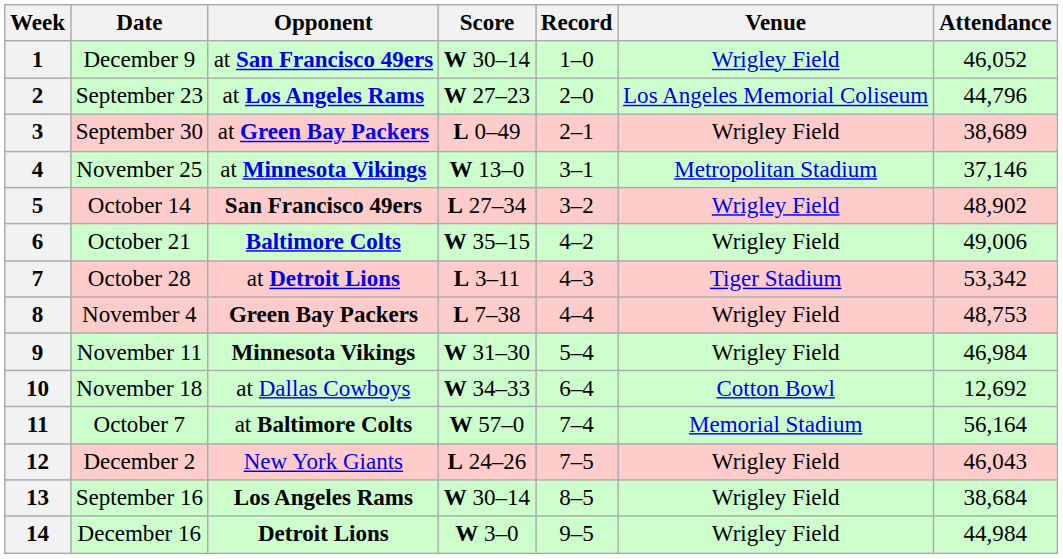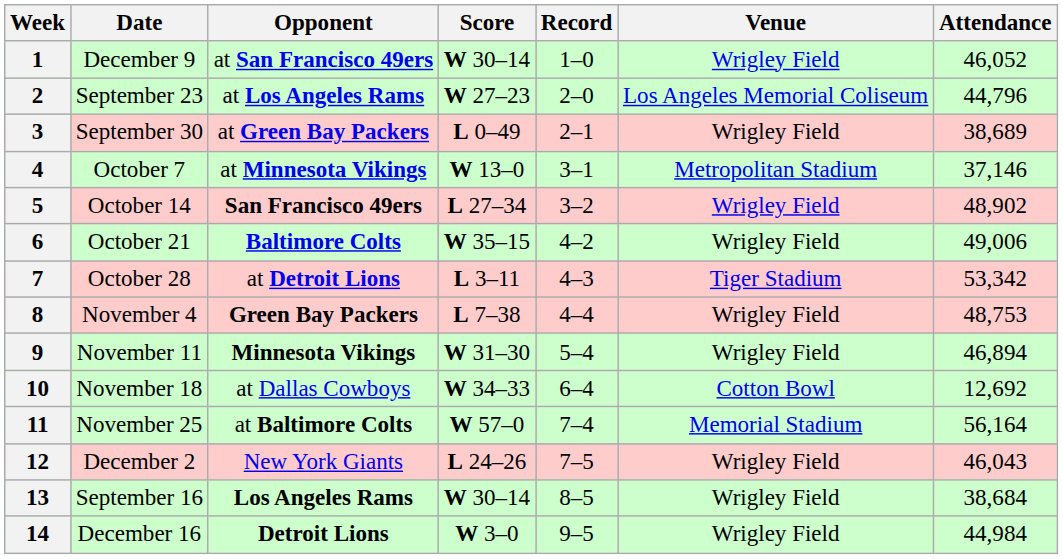 <table class="wikitable" style="text-align:center">
 <tr>
 <th>Week</th>
 <th>Date</th>
 <th>Opponent</th>
 <th>Score</th>
 <th>Record</th>
 <th>Venue</th>
 <th>Attendance</th>
 </tr>
 <tr style="background:#cfc">
 <th>1</th>
 <td>December 9</td>
 <td>at <strong><a href='#'>San Francisco 49ers</a></strong></td>
 <td><strong>W</strong> 30–14</td>
 <td>1–0</td>
 <td><a href='#'>Wrigley Field</a></td>
 <td>46,052</td>
 </tr>
 <tr style="background:#cfc">
 <th>2</th>
 <td>September 23</td>
 <td>at <strong><a href='#'>Los Angeles Rams</a></strong></td>
 <td><strong>W</strong> 27–23</td>
 <td>2–0</td>
 <td><a href='#'>Los Angeles Memorial Coliseum</a></td>
 <td>44,796</td>
 </tr>
 <tr style="background:#fcc">
 <th>3</th>
 <td>September 30</td>
 <td>at <strong><a href='#'>Green Bay Packers</a></strong></td>
 <td><strong>L</strong> 0–49</td>
 <td>2–1</td>
 <td>Wrigley Field</td>
 <td>38,689</td>
 </tr>
 <tr style="background:#cfc">
 <th>4</th>
-<td>November 25</td>
+<td>October 7</td>
 <td>at <strong><a href='#'>Minnesota Vikings</a></strong></td>
 <td><strong>W</strong> 13–0</td>
 <td>3–1</td>
 <td><a href='#'>Metropolitan Stadium</a></td>
 <td>37,146</td>
 </tr>
 <tr style="background:#fcc">
 <th>5</th>
 <td>October 14</td>
 <td><strong>San Francisco 49ers</strong></td>
 <td><strong>L</strong> 27–34</td>
 <td>3–2</td>
 <td><a href='#'>Wrigley Field</a></td>
 <td>48,902</td>
 </tr>
 <tr style="background:#cfc">
 <th>6</th>
 <td>October 21</td>
 <td><strong><a href='#'>Baltimore Colts</a></strong></td>
 <td><strong>W</strong> 35–15</td>
 <td>4–2</td>
 <td>Wrigley Field</td>
 <td>49,006</td>
 </tr>
 <tr style="background:#fcc">
 <th>7</th>
 <td>October 28</td>
 <td>at <strong><a href='#'>Detroit Lions</a></strong></td>
 <td><strong>L</strong> 3–11</td>
 <td>4–3</td>
 <td><a href='#'>Tiger Stadium</a></td>
 <td>53,342</td>
 </tr>
 <tr style="background:#fcc">
 <th>8</th>
 <td>November 4</td>
 <td><strong>Green Bay Packers</strong></td>
 <td><strong>L</strong> 7–38</td>
 <td>4–4</td>
 <td>Wrigley Field</td>
 <td>48,753</td>
 </tr>
 <tr style="background:#cfc">
 <th>9</th>
 <td>November 11</td>
 <td><strong>Minnesota Vikings</strong></td>
 <td><strong>W</strong> 31–30</td>
 <td>5–4</td>
 <td>Wrigley Field</td>
-<td>46,984</td>
+<td>46,894</td>
 </tr>
 <tr style="background:#cfc">
 <th>10</th>
 <td>November 18</td>
 <td>at <a href='#'>Dallas Cowboys</a></td>
 <td><strong>W</strong> 34–33</td>
 <td>6–4</td>
 <td><a href='#'>Cotton Bowl</a></td>
 <td>12,692</td>
 </tr>
 <tr style="background:#cfc">
 <th>11</th>
-<td>October 7</td>
+<td>November 25</td>
 <td>at <strong>Baltimore Colts</strong></td>
 <td><strong>W</strong> 57–0</td>
 <td>7–4</td>
 <td><a href='#'>Memorial Stadium</a></td>
 <td>56,164</td>
 </tr>
 <tr style="background:#fcc">
 <th>12</th>
 <td>December 2</td>
 <td><a href='#'>New York Giants</a></td>
 <td><strong>L</strong> 24–26</td>
 <td>7–5</td>
 <td>Wrigley Field</td>
 <td>46,043</td>
 </tr>
 <tr style="background:#cfc">
 <th>13</th>
 <td>September 16</td>
 <td><strong>Los Angeles Rams</strong></td>
 <td><strong>W</strong> 30–14</td>
 <td>8–5</td>
 <td>Wrigley Field</td>
 <td>38,684</td>
 </tr>
 <tr style="background:#cfc">
 <th>14</th>
 <td>December 16</td>
 <td><strong>Detroit Lions</strong></td>
 <td><strong>W</strong> 3–0</td>
 <td>9–5</td>
 <td>Wrigley Field</td>
 <td>44,984</td>
 </tr>
 </table>
